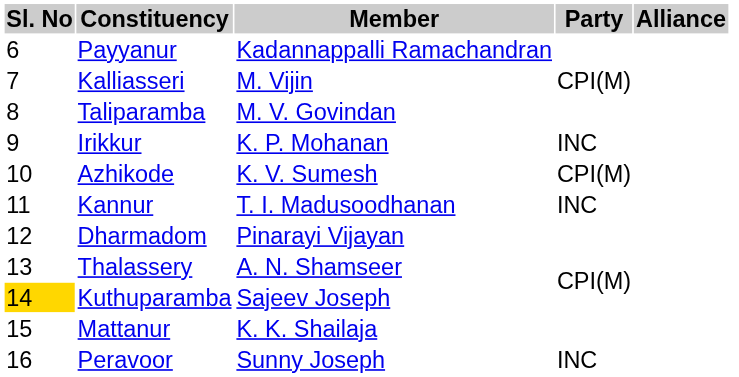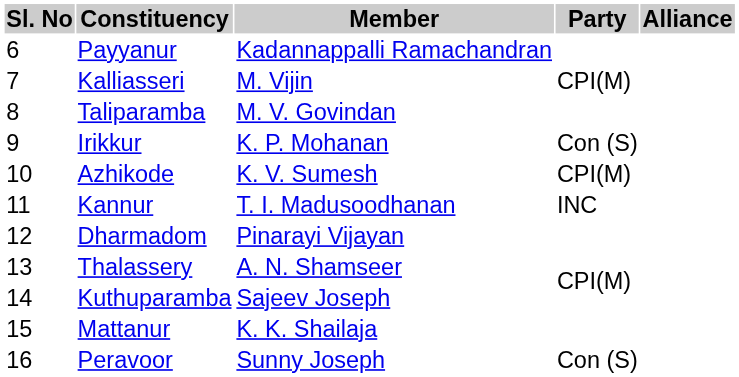 <table align="left" class="toccolours" cellspacing="1" cellpadding="1" style="margin-right: .5em; margin-top: .4em; font-size: 90%">
 <tr>
 </tr>
 <tr bgcolor="#cccccc" valign="top">
 <th scope="col">Sl. No</th>
 <th scope="col">Constituency</th>
 <th scope="col">Member</th>
 <th scope="col">Party</th>
 <th scope="col">Alliance</th>
 </tr>
 <tr po>
 <td>6</td>
 <td><a href='#'>Payyanur</a></td>
 <td><a href='#'>Kadannappalli Ramachandran</a></td>
 <td rowspan="3" style="background:">CPI(M)</td>
 <td rowspan="3"></td>
 </tr>
 <tr>
 <td>7</td>
 <td><a href='#'>Kalliasseri</a></td>
 <td><a href='#'>M. Vijin</a></td>
 </tr>
 <tr>
 <td>8</td>
 <td><a href='#'>Taliparamba</a></td>
 <td><a href='#'>M. V. Govindan</a></td>
 </tr>
 <tr>
 <td>9</td>
 <td><a href='#'>Irikkur</a></td>
 <td><a href='#'>K. P. Mohanan</a></td>
-<td style="background-color:">INC</td>
+<td style="background:">Con (S)</td>
 <td></td>
 </tr>
 <tr>
 <td>10</td>
 <td><a href='#'>Azhikode</a></td>
 <td><a href='#'>K. V. Sumesh</a></td>
 <td style="background: ">CPI(M)</td>
 <td rowspan="6"></td>
 </tr>
 <tr>
 <td>11</td>
 <td><a href='#'>Kannur</a></td>
 <td><a href='#'>T. I. Madusoodhanan</a></td>
 <td style="background-color:">INC</td>
 </tr>
 <tr>
 <td>12</td>
 <td><a href='#'>Dharmadom</a></td>
 <td><a href='#'>Pinarayi Vijayan</a></td>
 <td rowspan="4" style="background:">CPI(M)</td>
 </tr>
 <tr>
 <td>13</td>
 <td><a href='#'>Thalassery</a></td>
 <td><a href='#'>A. N. Shamseer</a></td>
 </tr>
 <tr>
-<td style="background: gold;">14</td>
+<td>14</td>
 <td><a href='#'>Kuthuparamba</a></td>
 <td><a href='#'>Sajeev Joseph</a></td>
 </tr>
 <tr>
 <td>15</td>
 <td><a href='#'>Mattanur</a></td>
 <td><a href='#'>K. K. Shailaja</a></td>
 </tr>
 <tr>
 <td>16</td>
 <td><a href='#'>Peravoor</a></td>
 <td><a href='#'>Sunny Joseph</a></td>
-<td style="background-color:">INC</td>
+<td style="background:">Con (S)</td>
 <td></td>
 </tr>
 </table>
